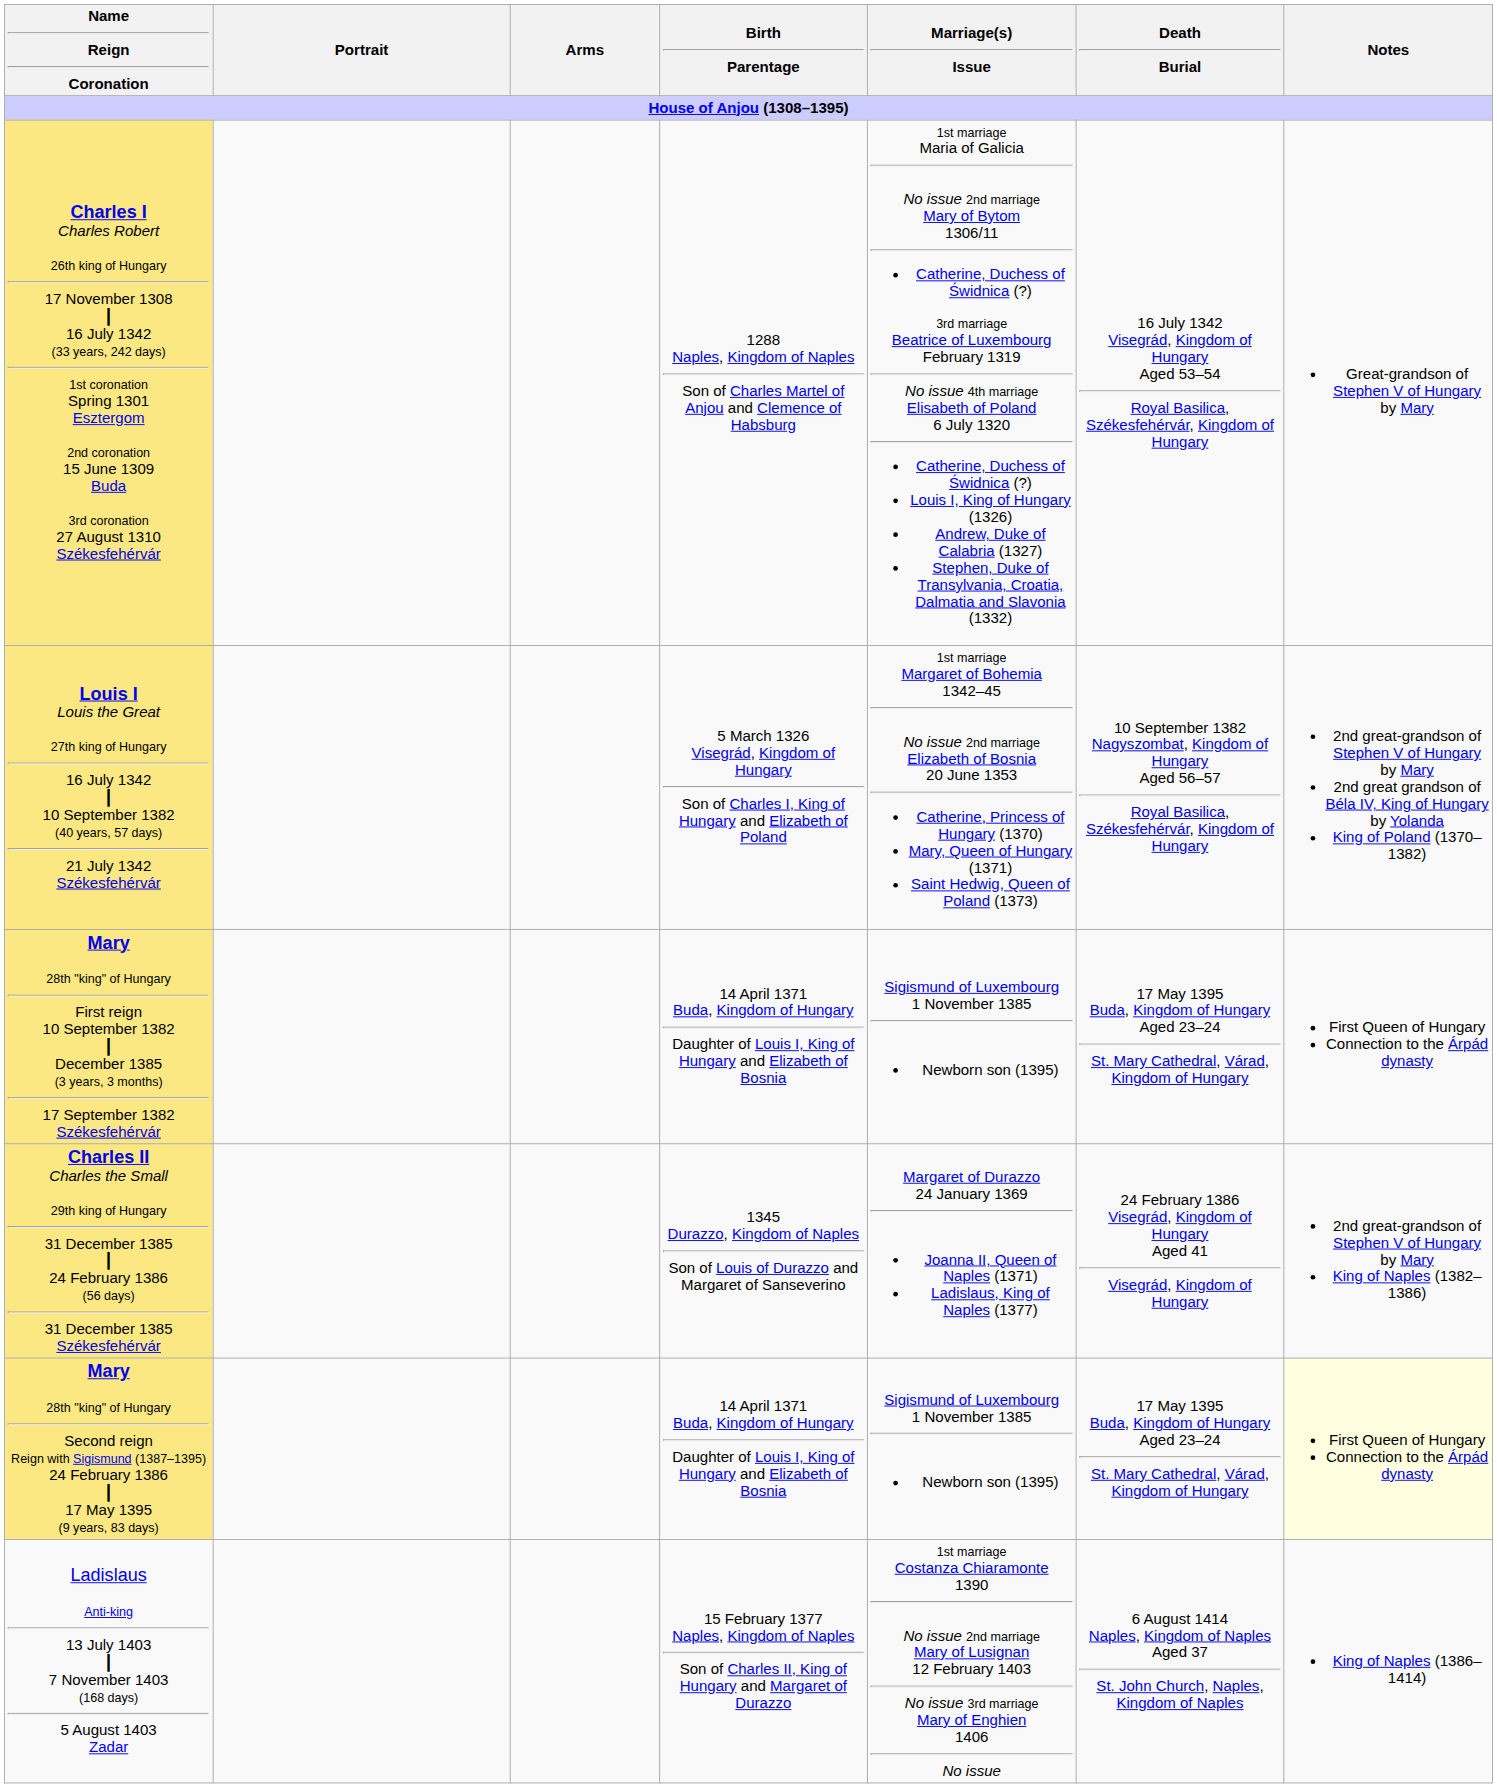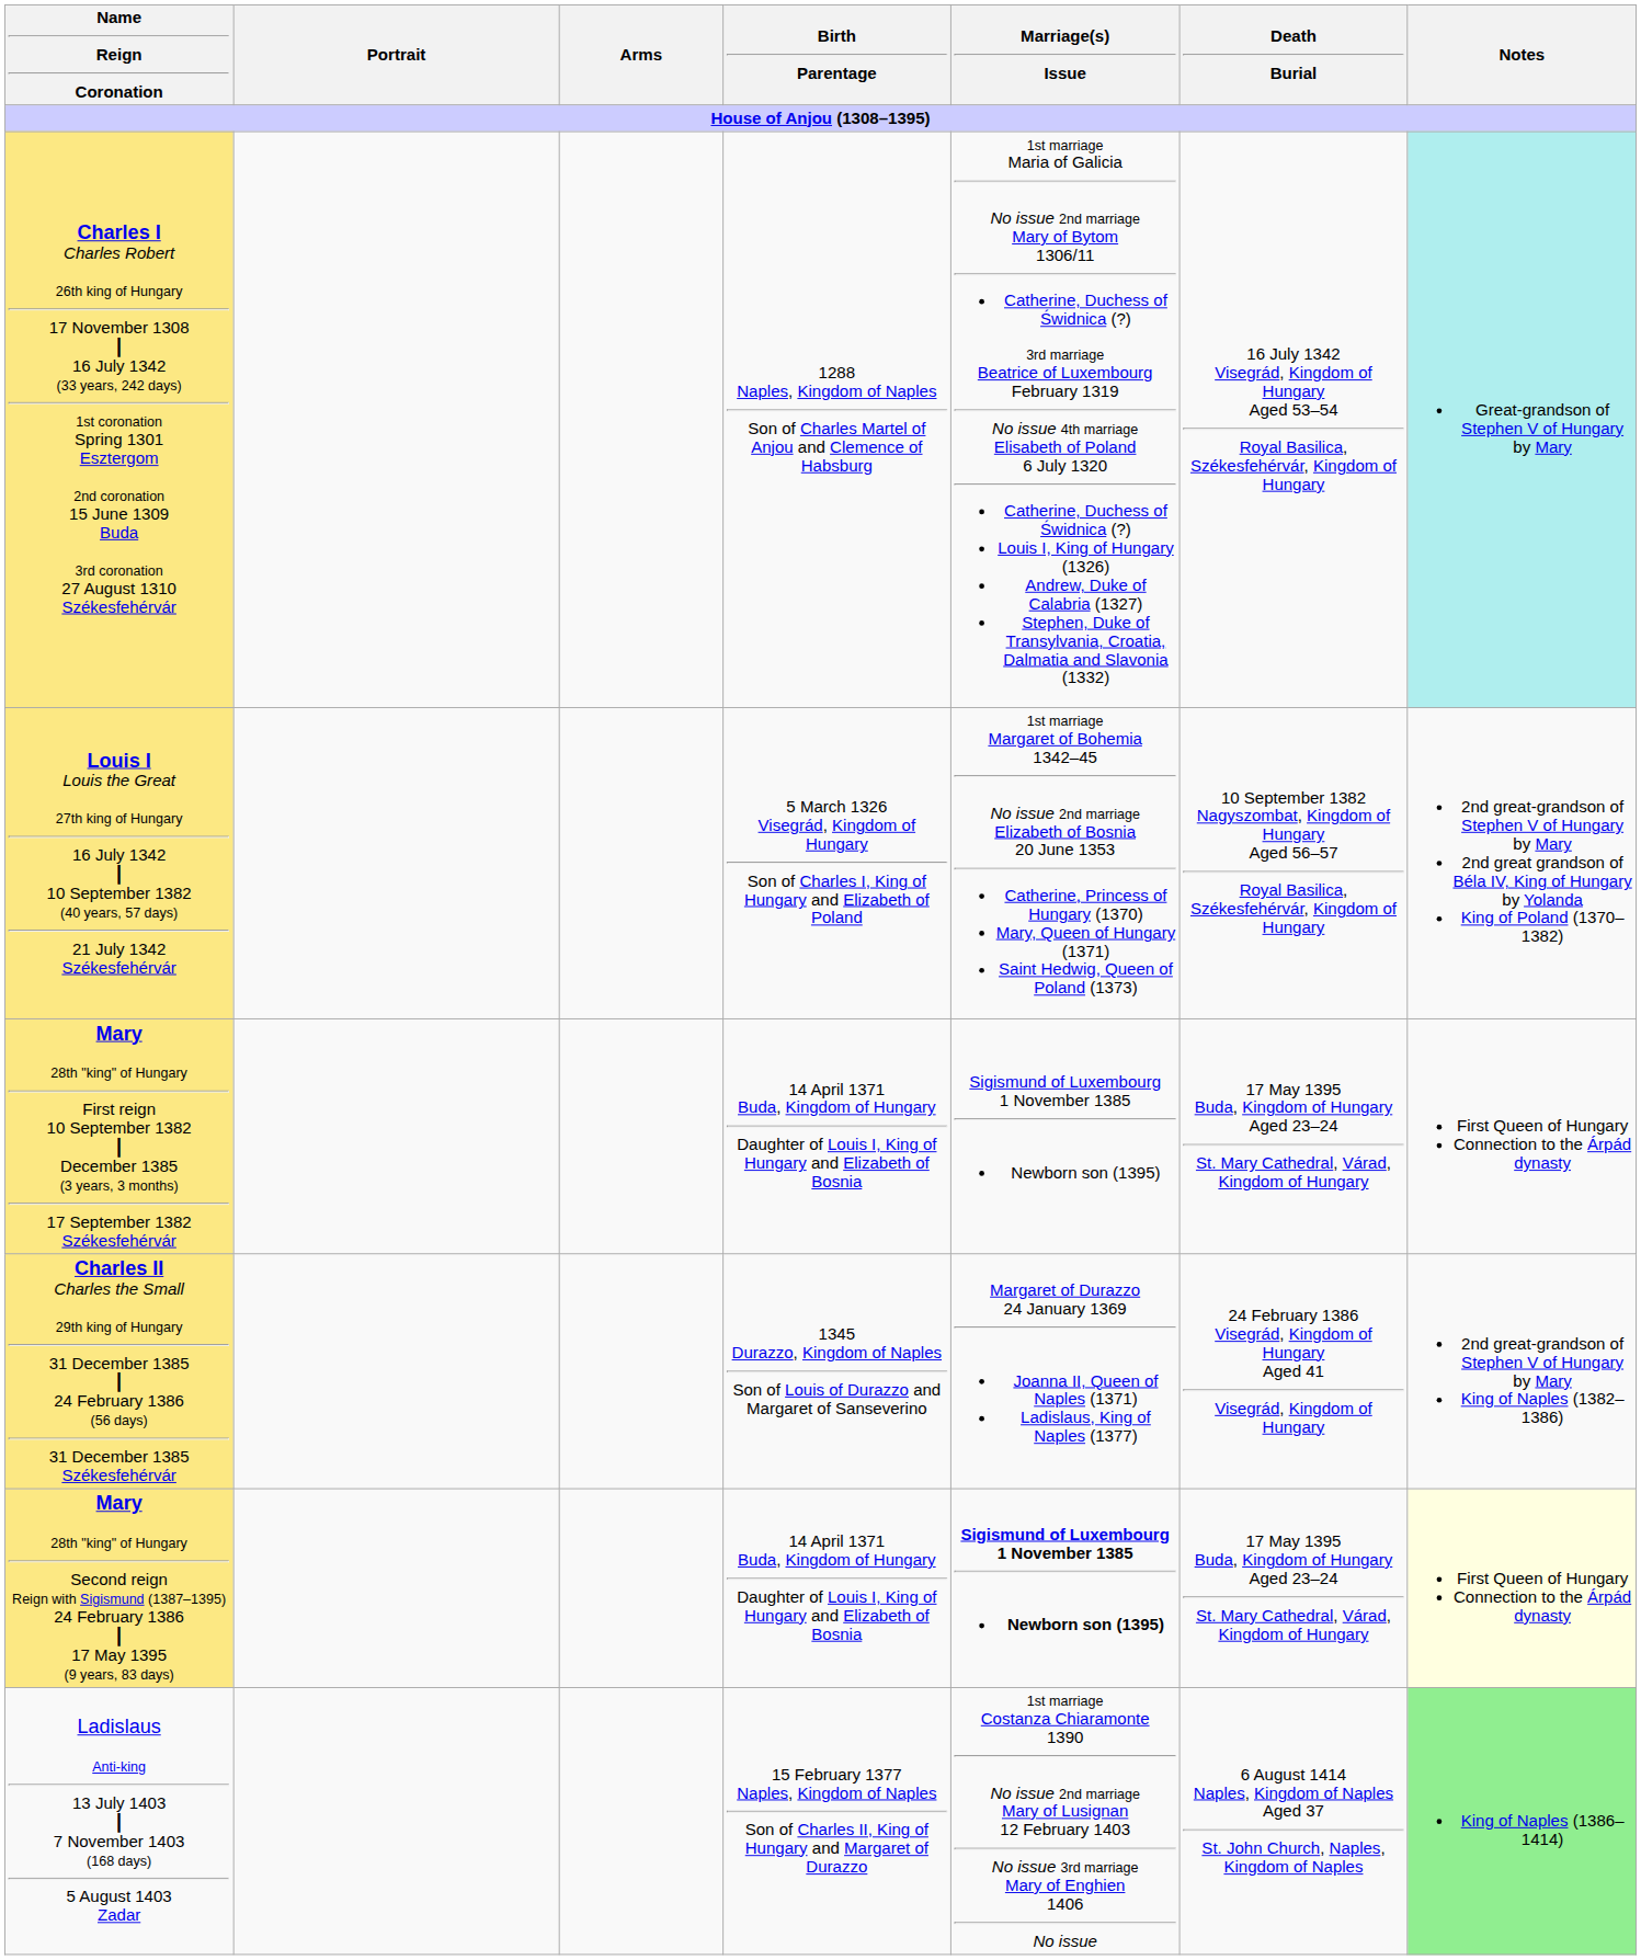 <table style="text-align:Center; width:100%" class="wikitable">
 <tr>
 <th width="14%">Name<hr>Reign<hr>Coronation</th>
 <th width="20%">Portrait</th>
 <th width="10%">Arms</th>
 <th width="14%">Birth<hr>Parentage</th>
 <th width="14%">Marriage(s)<hr>Issue</th>
 <th width="14%">Death<hr>Burial</th>
 <th width="14%">Notes</th>
 </tr>
 <tr>
 <th colspan="7" style="background:#ccccff"><a href='#'>House of Anjou</a> (1308–1395)</th>
 </tr>
 <tr>
 <td style="background:#FCE883"><strong><a href='#'><big>Charles I</big></a></strong><br><em>Charles Robert</em><br><small></small><br><small>26th king of Hungary</small><hr>17 November 1308<br>┃<br>16 July 1342<br><small>(33 years, 242 days)</small><hr><small>1st coronation</small><br>Spring 1301<br><a href='#'>Esztergom</a><br><br><small>2nd coronation</small><br>15 June 1309<br><a href='#'>Buda</a><br><br><small>3rd coronation</small><br>27 August 1310<br><a href='#'>Székesfehérvár</a></td>
 <td></td>
 <td></td>
 <td>1288<br><a href='#'>Naples</a>, <a href='#'>Kingdom of Naples</a><hr>Son of <a href='#'>Charles Martel of Anjou</a> and <a href='#'>Clemence of Habsburg</a></td>
 <td><small>1st marriage</small><br>Maria of Galicia<hr><br><em>No issue</em> <small>2nd marriage</small><br><a href='#'>Mary of Bytom</a><br>1306/11<hr><ul><li><a href='#'>Catherine, Duchess of Świdnica</a> (?)</li></ul><small>3rd marriage</small><br><a href='#'>Beatrice of Luxembourg</a><br>February 1319<hr> <em>No issue</em> <small>4th marriage</small><br><a href='#'>Elisabeth of Poland</a><br>6 July 1320<hr><ul><li><a href='#'>Catherine, Duchess of Świdnica</a> (?)</li><li><a href='#'>Louis I, King of Hungary</a> (1326)</li><li><a href='#'>Andrew, Duke of Calabria</a> (1327)</li><li><a href='#'>Stephen, Duke of Transylvania, Croatia, Dalmatia and Slavonia</a> (1332)</li></ul></td>
 <td>16 July 1342<br><a href='#'>Visegrád</a>, <a href='#'>Kingdom of Hungary</a><br>Aged 53–54<hr><a href='#'>Royal Basilica</a>, <a href='#'>Székesfehérvár</a>, <a href='#'>Kingdom of Hungary</a></td>
-<td><br><ul><li>Great-grandson of <a href='#'>Stephen V of Hungary</a> by <a href='#'>Mary</a></li></ul></td>
+<td style="background: paleturquoise;"><br><ul><li>Great-grandson of <a href='#'>Stephen V of Hungary</a> by <a href='#'>Mary</a></li></ul></td>
 </tr>
 <tr>
 <td style="background:#FCE883"><strong><a href='#'><big>Louis I</big></a></strong><br><em>Louis the Great</em><br><small></small><br><small>27th king of Hungary</small><hr>16 July 1342<br>┃<br>10 September 1382<br><small>(40 years, 57 days)</small><hr>21 July 1342<br><a href='#'>Székesfehérvár</a></td>
 <td></td>
 <td></td>
 <td>5 March 1326<br><a href='#'>Visegrád</a>, <a href='#'>Kingdom of Hungary</a><hr>Son of <a href='#'>Charles I, King of Hungary</a> and <a href='#'>Elizabeth of Poland</a></td>
 <td><small>1st marriage</small><br><a href='#'>Margaret of Bohemia</a><br>1342–45<hr><br><em>No issue</em> <small>2nd marriage</small><br><a href='#'>Elizabeth of Bosnia</a><br>20 June 1353<hr><ul><li><a href='#'>Catherine, Princess of Hungary</a> (1370)</li><li><a href='#'>Mary, Queen of Hungary</a> (1371)</li><li><a href='#'>Saint Hedwig, Queen of Poland</a> (1373)</li></ul></td>
 <td>10 September 1382<br><a href='#'>Nagyszombat</a>, <a href='#'>Kingdom of Hungary</a><br>Aged 56–57<hr><a href='#'>Royal Basilica</a>, <a href='#'>Székesfehérvár</a>, <a href='#'>Kingdom of Hungary</a></td>
 <td><br><ul><li>2nd great-grandson of <a href='#'>Stephen V of Hungary</a> by <a href='#'>Mary</a></li><li>2nd great grandson of <a href='#'>Béla IV, King of Hungary</a> by <a href='#'>Yolanda</a></li><li><a href='#'>King of Poland</a> (1370–1382)</li></ul></td>
 </tr>
 <tr>
 <td style="background:#FCE883"><strong><a href='#'><big>Mary</big></a></strong><br><small></small><br><small>28th "king" of Hungary</small><hr>First reign<br>10 September 1382<br>┃<br>December 1385<br><small>(3 years, 3 months)</small><hr>17 September 1382<br><a href='#'>Székesfehérvár</a></td>
 <td></td>
 <td></td>
 <td>14 April 1371<br><a href='#'>Buda</a>, <a href='#'>Kingdom of Hungary</a><hr>Daughter of <a href='#'>Louis I, King of Hungary</a> and <a href='#'>Elizabeth of Bosnia</a></td>
 <td><a href='#'>Sigismund of Luxembourg</a><br>1 November 1385 <hr><br><ul><li>Newborn son (1395)</li></ul></td>
 <td>17 May 1395<br><a href='#'>Buda</a>, <a href='#'>Kingdom of Hungary</a><br>Aged 23–24<hr><a href='#'>St. Mary Cathedral</a>, <a href='#'>Várad</a>, <a href='#'>Kingdom of Hungary</a></td>
 <td><br><ul><li>First Queen of Hungary</li><li>Connection to the <a href='#'>Árpád dynasty</a></li></ul></td>
 </tr>
 <tr>
 <td style="background:#FCE883"><strong><a href='#'><big>Charles II</big></a></strong><br><em>Charles the Small</em><br><small></small><br><small>29th king of Hungary</small><hr>31 December 1385<br>┃<br>24 February 1386<br><small>(56 days)</small><hr>31 December 1385<br><a href='#'>Székesfehérvár</a></td>
 <td></td>
 <td></td>
 <td>1345<br><a href='#'>Durazzo</a>, <a href='#'>Kingdom of Naples</a><hr>Son of <a href='#'>Louis of Durazzo</a> and Margaret of Sanseverino</td>
 <td><a href='#'>Margaret of Durazzo</a><br>24 January 1369<hr><br><ul><li><a href='#'>Joanna II, Queen of Naples</a> (1371)</li><li><a href='#'>Ladislaus, King of Naples</a> (1377)</li></ul></td>
 <td>24 February 1386<br><a href='#'>Visegrád</a>, <a href='#'>Kingdom of Hungary</a><br>Aged 41<hr><a href='#'>Visegrád</a>, <a href='#'>Kingdom of Hungary</a></td>
 <td><br><ul><li>2nd great-grandson of <a href='#'>Stephen V of Hungary</a> by <a href='#'>Mary</a></li><li><a href='#'>King of Naples</a> (1382–1386)</li></ul></td>
 </tr>
 <tr>
 <td style="background:#FCE883"><strong><a href='#'><big>Mary</big></a></strong><br><small></small><br><small>28th "king" of Hungary</small><hr>Second reign<br><small>Reign with <a href='#'>Sigismund</a> (1387–1395)</small><br>24 February 1386<br>┃<br>17 May 1395<br><small>(9 years, 83 days)</small></td>
 <td></td>
 <td></td>
 <td>14 April 1371<br><a href='#'>Buda</a>, <a href='#'>Kingdom of Hungary</a><hr>Daughter of <a href='#'>Louis I, King of Hungary</a> and <a href='#'>Elizabeth of Bosnia</a></td>
-<td><a href='#'>Sigismund of Luxembourg</a><br>1 November 1385 <hr><br><ul><li>Newborn son (1395)</li></ul></td>
+<td><strong><a href='#'>Sigismund of Luxembourg</a><br>1 November 1385 <hr><br><ul><li>Newborn son (1395)</li></ul></strong></td>
 <td>17 May 1395<br><a href='#'>Buda</a>, <a href='#'>Kingdom of Hungary</a><br>Aged 23–24<hr><a href='#'>St. Mary Cathedral</a>, <a href='#'>Várad</a>, <a href='#'>Kingdom of Hungary</a></td>
 <td style="background: lightyellow;"><br><ul><li>First Queen of Hungary</li><li>Connection to the <a href='#'>Árpád dynasty</a></li></ul></td>
 </tr>
 <tr>
 <td><a href='#'><big>Ladislaus</big></a><br><small></small><br><small><a href='#'>Anti-king</a></small><hr>13 July 1403<br>┃<br>7 November 1403<br><small>(168 days)</small><hr>5 August 1403<br><a href='#'>Zadar</a></td>
 <td></td>
 <td></td>
 <td>15 February 1377<br><a href='#'>Naples</a>, <a href='#'>Kingdom of Naples</a><hr>Son of <a href='#'>Charles II, King of Hungary</a> and <a href='#'>Margaret of Durazzo</a></td>
 <td><small>1st marriage</small><br><a href='#'>Costanza Chiaramonte</a><br>1390<hr><br><em>No issue</em> <small>2nd marriage</small><br><a href='#'>Mary of Lusignan</a><br>12 February 1403<hr> <em>No issue</em> <small>3rd marriage</small><br><a href='#'>Mary of Enghien</a><br>1406<hr> <em>No issue</em></td>
 <td>6 August 1414<br><a href='#'>Naples</a>, <a href='#'>Kingdom of Naples</a><br>Aged 37<hr><a href='#'>St. John Church</a>, <a href='#'>Naples</a>, <a href='#'>Kingdom of Naples</a></td>
-<td><br><ul><li><a href='#'>King of Naples</a> (1386–1414)</li></ul></td>
+<td style="background: lightgreen;"><br><ul><li><a href='#'>King of Naples</a> (1386–1414)</li></ul></td>
 </tr>
 </table>
